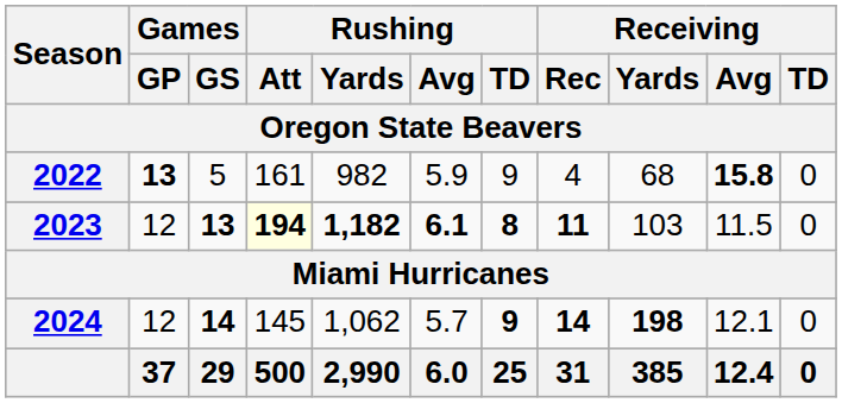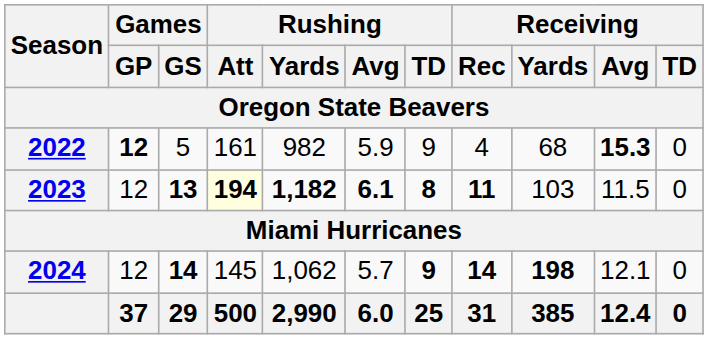 <table class="wikitable" style="text-align:center;">
 <tr>
 <th rowspan="2">Season</th>
 <th colspan="2">Games</th>
 <th colspan="4">Rushing</th>
 <th colspan="4">Receiving</th>
 </tr>
 <tr>
 <th>GP</th>
 <th>GS</th>
 <th>Att</th>
 <th>Yards</th>
 <th>Avg</th>
 <th>TD</th>
 <th>Rec</th>
 <th>Yards</th>
 <th>Avg</th>
 <th>TD</th>
 </tr>
 <tr>
 <th colspan="15">Oregon State Beavers</th>
 </tr>
 <tr>
 <th><a href='#'>2022</a></th>
-<td><strong>13</strong></td>
+<td><strong>12</strong></td>
 <td>5</td>
 <td>161</td>
 <td>982</td>
 <td>5.9</td>
 <td>9</td>
 <td>4</td>
 <td>68</td>
-<td><strong>15.8</strong></td>
+<td><strong>15.3</strong></td>
 <td>0</td>
 </tr>
 <tr>
 <th><a href='#'>2023</a></th>
 <td>12</td>
 <td><strong>13</strong></td>
 <td style="background: lightyellow;"><strong>194</strong></td>
 <td><strong>1,182</strong></td>
 <td><strong>6.1</strong></td>
 <td><strong>8</strong></td>
 <td><strong>11</strong></td>
 <td>103</td>
 <td>11.5</td>
 <td>0</td>
 </tr>
 <tr>
 <th colspan="16">Miami Hurricanes</th>
 </tr>
 <tr>
 <th><a href='#'>2024</a></th>
 <td>12</td>
 <td><strong>14</strong></td>
 <td>145</td>
 <td>1,062</td>
 <td>5.7</td>
 <td><strong>9</strong></td>
 <td><strong>14</strong></td>
 <td><strong>198</strong></td>
 <td>12.1</td>
 <td>0</td>
 </tr>
 <tr>
 <th></th>
 <th>37</th>
 <th>29</th>
 <th>500</th>
 <th>2,990</th>
 <th>6.0</th>
 <th>25</th>
 <th>31</th>
 <th>385</th>
 <th>12.4</th>
 <th>0</th>
 </tr>
 </table>
